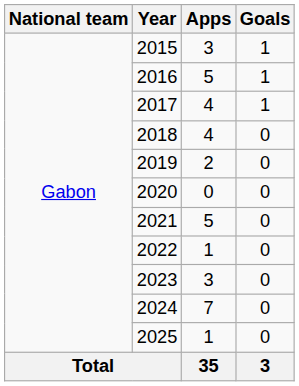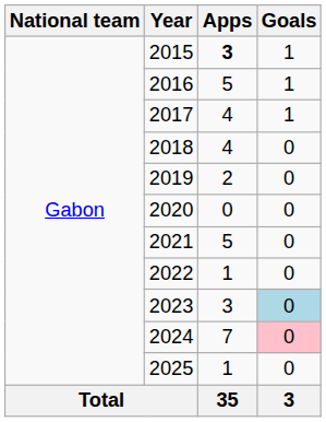 <table class="wikitable" style="text-align:center">
 <tr>
 <th>National team</th>
 <th>Year</th>
 <th>Apps</th>
 <th>Goals</th>
 </tr>
 <tr>
 <td rowspan="11"><a href='#'>Gabon</a></td>
 <td>2015</td>
-<td>3</td>
+<td><strong>3</strong></td>
 <td>1</td>
 </tr>
 <tr>
 <td>2016</td>
 <td>5</td>
 <td>1</td>
 </tr>
 <tr>
 <td>2017</td>
 <td>4</td>
 <td>1</td>
 </tr>
 <tr>
 <td>2018</td>
 <td>4</td>
 <td>0</td>
 </tr>
 <tr>
 <td>2019</td>
 <td>2</td>
 <td>0</td>
 </tr>
 <tr>
 <td>2020</td>
 <td>0</td>
 <td>0</td>
 </tr>
 <tr>
 <td>2021</td>
 <td>5</td>
 <td>0</td>
 </tr>
 <tr>
 <td>2022</td>
 <td>1</td>
 <td>0</td>
 </tr>
 <tr>
 <td>2023</td>
 <td>3</td>
-<td>0</td>
+<td style="background: lightblue;">0</td>
 </tr>
 <tr>
 <td>2024</td>
 <td>7</td>
-<td>0</td>
+<td style="background: pink;">0</td>
 </tr>
 <tr>
 <td>2025</td>
 <td>1</td>
 <td>0</td>
 </tr>
 <tr>
 <th colspan="2">Total</th>
 <th>35</th>
 <th>3</th>
 </tr>
 </table>
